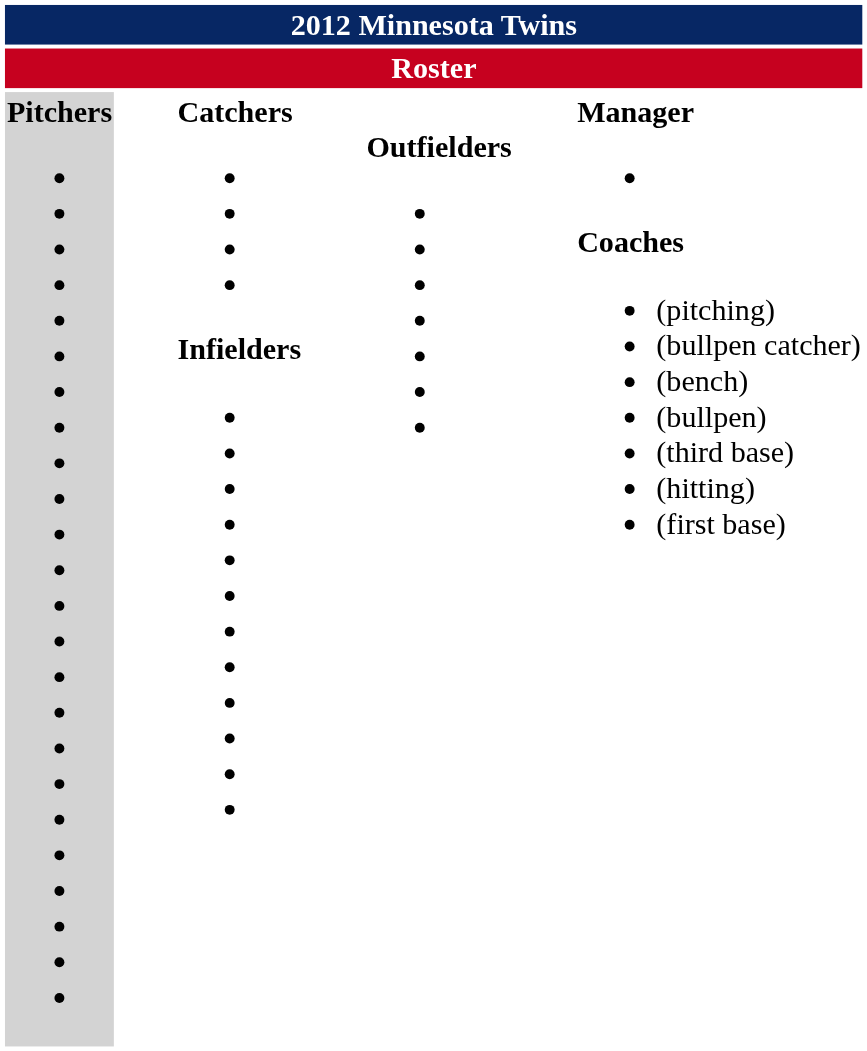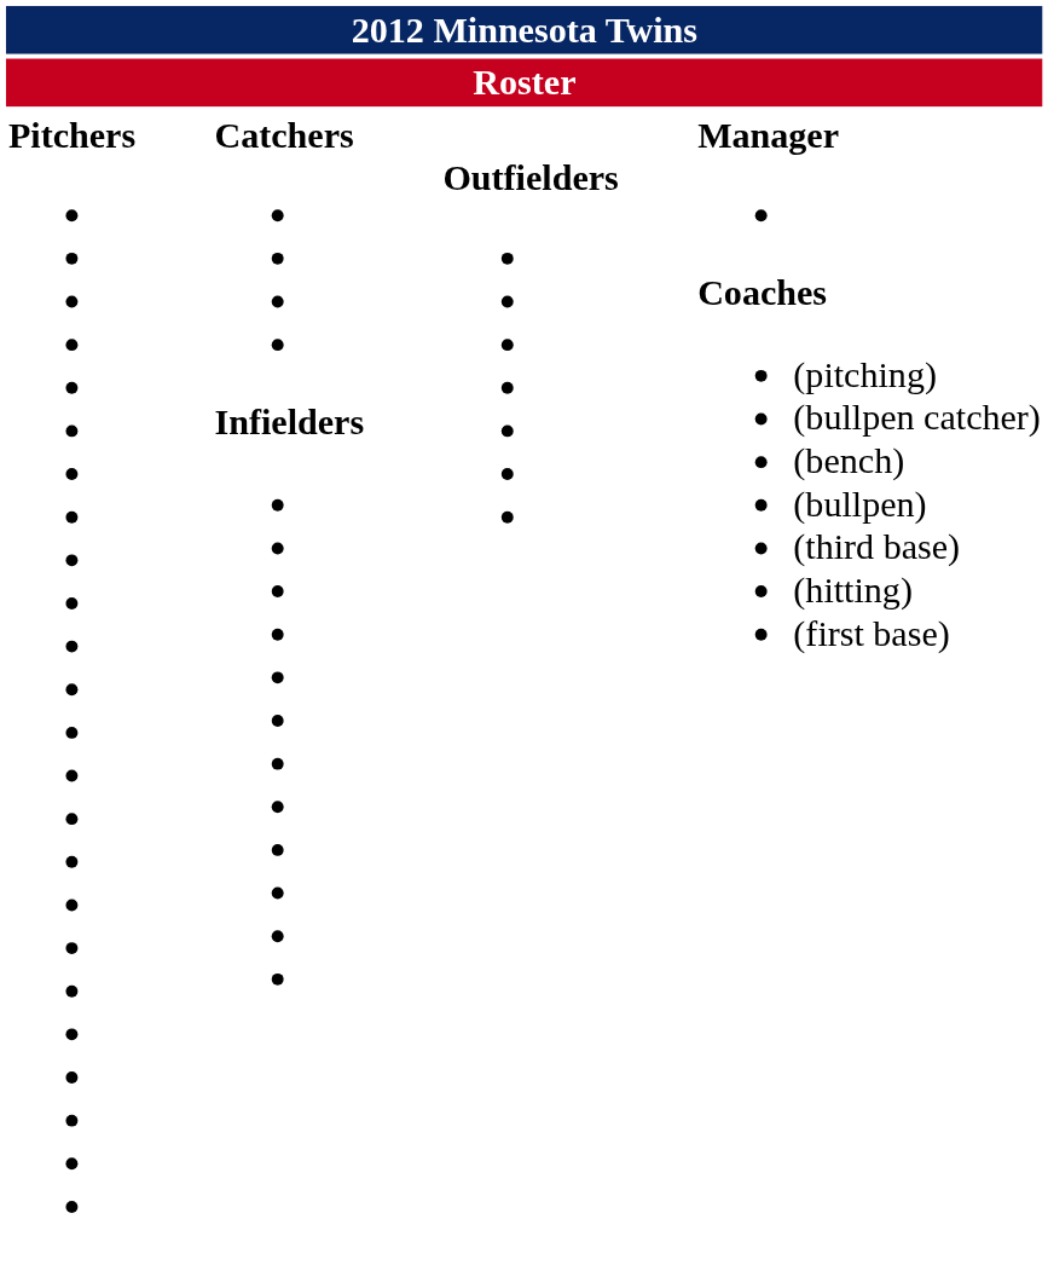 <table class="toccolours" style="font-size: 95%;">
 <tr>
 <th colspan="10" style="background:#072764; color:#fff; text-align:center;">2012 Minnesota Twins</th>
 </tr>
 <tr>
 <td colspan="10" style="background:#c6011f; color:white; text-align:center;"><strong>Roster</strong></td>
 </tr>
 <tr>
-<td valign="top" style="background: lightgrey;"><strong>Pitchers</strong><br><ul><li></li><li></li><li></li><li></li><li></li><li></li><li></li><li></li><li></li><li></li><li></li><li></li><li></li><li></li><li></li><li></li><li></li><li></li><li></li><li></li><li></li><li></li><li></li><li></li></ul></td>
+<td valign="top"><strong>Pitchers</strong><br><ul><li></li><li></li><li></li><li></li><li></li><li></li><li></li><li></li><li></li><li></li><li></li><li></li><li></li><li></li><li></li><li></li><li></li><li></li><li></li><li></li><li></li><li></li><li></li><li></li></ul></td>
 <td style="width:25px;"></td>
 <td valign="top"><strong>Catchers</strong><br><ul><li></li><li></li><li></li><li></li></ul><strong>Infielders</strong><ul><li></li><li></li><li></li><li></li><li></li><li></li><li></li><li></li><li></li><li></li><li></li><li></li></ul></td>
 <td style="width:25px;"></td>
 <td valign="top"><br><strong>Outfielders</strong><ul><li></li><li></li><li></li><li></li><li></li><li></li><li></li></ul></td>
 <td style="width:25px;"></td>
 <td valign="top"><strong>Manager</strong><br><ul><li></li></ul><strong>Coaches</strong><ul><li> (pitching)</li><li> (bullpen catcher)</li><li> (bench)</li><li> (bullpen)</li><li> (third base)</li><li> (hitting)</li><li> (first base)</li></ul></td>
 </tr>
 </table>
